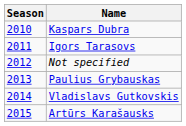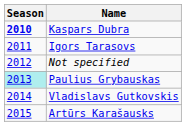 <table class="wikitable">
 <tr>
 <th>Season</th>
 <th>Name</th>
 </tr>
 <tr>
-<td><a href='#'>2010</a></td>
+<td><strong><a href='#'>2010</a></strong></td>
 <td> <a href='#'>Kaspars Dubra</a></td>
 </tr>
 <tr>
 <td><a href='#'>2011</a></td>
 <td> <a href='#'>Igors Tarasovs</a></td>
 </tr>
 <tr>
 <td><a href='#'>2012</a></td>
 <td><em>Not specified</em></td>
 </tr>
 <tr>
-<td><a href='#'>2013</a></td>
+<td style="background: paleturquoise;"><a href='#'>2013</a></td>
 <td> <a href='#'>Paulius Grybauskas</a></td>
 </tr>
 <tr>
 <td><a href='#'>2014</a></td>
 <td> <a href='#'>Vladislavs Gutkovskis</a></td>
 </tr>
 <tr>
 <td><a href='#'>2015</a></td>
 <td> <a href='#'>Artūrs Karašausks</a></td>
 </tr>
 </table>
